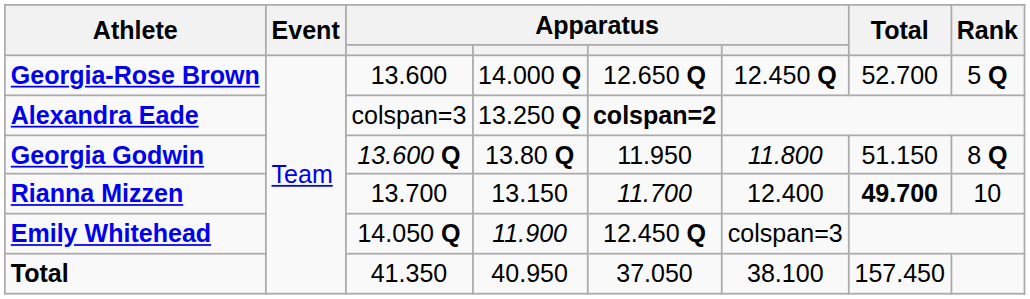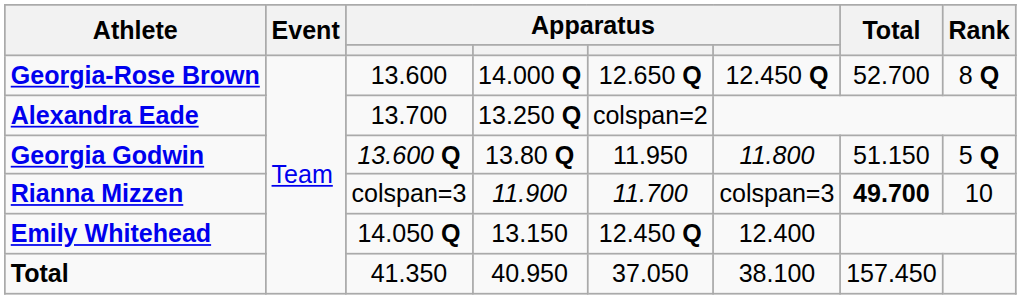 <table class=wikitable style=font-size:90%;text-align:center>
 <tr>
 <th rowspan=2>Athlete</th>
 <th rowspan=2>Event</th>
 <th colspan=4>Apparatus</th>
 <th rowspan=2>Total</th>
 <th rowspan=2>Rank</th>
 </tr>
 <tr style=font-size:95%>
 <th></th>
 <th></th>
 <th></th>
 <th></th>
 </tr>
 <tr>
 <td align=left><strong><a href='#'>Georgia-Rose Brown</a></strong></td>
 <td align=left rowspan=6><a href='#'>Team</a></td>
 <td>13.600</td>
 <td>14.000 <strong>Q</strong></td>
 <td>12.650 <strong>Q</strong></td>
 <td>12.450 <strong>Q</strong></td>
 <td>52.700</td>
-<td>5 <strong>Q</strong></td>
+<td>8 <strong>Q</strong></td>
 </tr>
 <tr>
 <td align=left><strong><a href='#'>Alexandra Eade</a></strong></td>
-<td>colspan=3 </td>
+<td>13.700</td>
 <td>13.250 <strong>Q</strong></td>
-<td><strong>colspan=2 </strong></td>
+<td>colspan=2 </td>
 </tr>
 <tr>
 <td align=left><strong><a href='#'>Georgia Godwin</a></strong></td>
 <td><em>13.600</em> <strong>Q</strong></td>
 <td>13.80 <strong>Q</strong></td>
 <td>11.950</td>
 <td><em>11.800</em></td>
 <td>51.150</td>
-<td>8 <strong>Q</strong></td>
+<td>5 <strong>Q</strong></td>
 </tr>
 <tr>
 <td align=left><strong><a href='#'>Rianna Mizzen</a></strong></td>
-<td>13.700</td>
-<td>13.150</td>
+<td>colspan=3 </td>
+<td><em>11.900</em></td>
 <td><em>11.700</em></td>
-<td>12.400</td>
+<td>colspan=3 </td>
 <td><strong>49.700</strong></td>
 <td>10</td>
 </tr>
 <tr>
 <td align=left><strong><a href='#'>Emily Whitehead</a></strong></td>
 <td>14.050 <strong>Q</strong></td>
-<td><em>11.900</em></td>
+<td>13.150</td>
 <td>12.450 <strong>Q</strong></td>
-<td>colspan=3 </td>
+<td>12.400</td>
 </tr>
 <tr>
 <td align=left><strong>Total</strong></td>
 <td>41.350</td>
 <td>40.950</td>
 <td>37.050</td>
 <td>38.100</td>
 <td>157.450</td>
 <td></td>
 </tr>
 </table>
